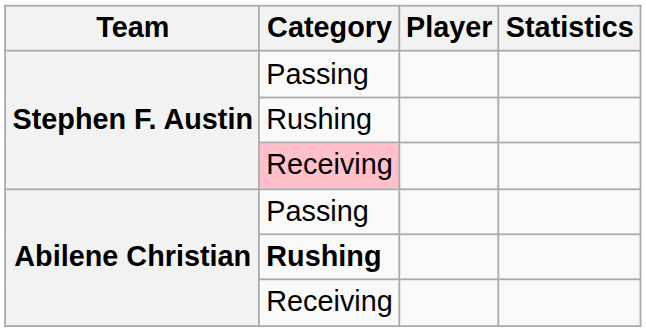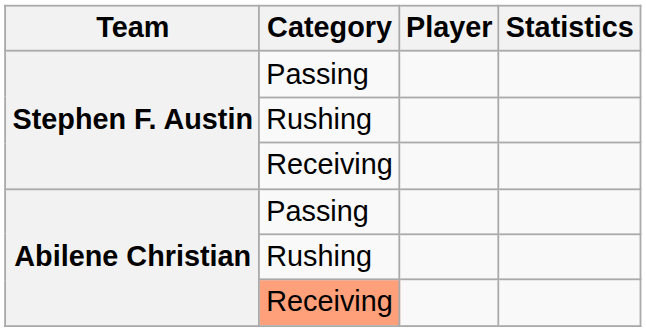 <table class="wikitable" style="float:right">
 <tr>
 <th>Team</th>
 <th>Category</th>
 <th>Player</th>
 <th>Statistics</th>
 </tr>
 <tr>
 <th rowspan=3>Stephen F. Austin</th>
 <td>Passing</td>
 <td></td>
 <td></td>
 </tr>
 <tr>
 <td>Rushing</td>
 <td></td>
 <td></td>
 </tr>
 <tr>
-<td style="background: pink;">Receiving</td>
+<td>Receiving</td>
 <td></td>
 <td></td>
 </tr>
 <tr>
 <th rowspan=3>Abilene Christian</th>
 <td>Passing</td>
 <td></td>
 <td></td>
 </tr>
 <tr>
-<td><strong>Rushing</strong></td>
+<td>Rushing</td>
 <td></td>
 <td></td>
 </tr>
 <tr>
-<td>Receiving</td>
+<td style="background: lightsalmon;">Receiving</td>
 <td></td>
 <td></td>
 </tr>
 </table>
